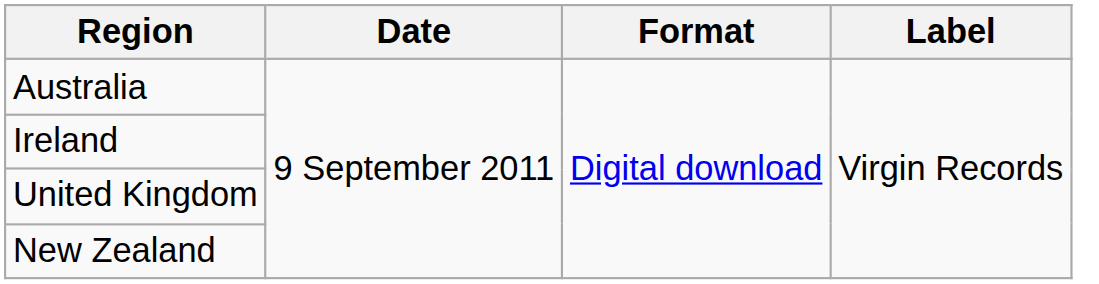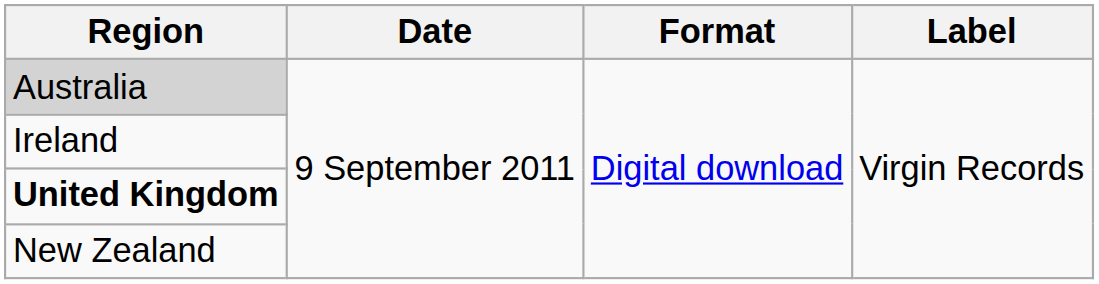 <table class="wikitable">
 <tr>
 <th scope="col">Region</th>
 <th scope="col">Date</th>
 <th scope="col">Format</th>
 <th scope="col">Label</th>
 </tr>
 <tr>
-<td>Australia</td>
+<td style="background: lightgrey;">Australia</td>
 <td rowspan="4">9 September 2011</td>
 <td rowspan="4"><a href='#'>Digital download</a></td>
 <td rowspan="4">Virgin Records</td>
 </tr>
 <tr>
 <td>Ireland</td>
 </tr>
 <tr>
-<td>United Kingdom</td>
+<td><strong>United Kingdom</strong></td>
 </tr>
 <tr>
 <td>New Zealand</td>
 </tr>
 </table>
